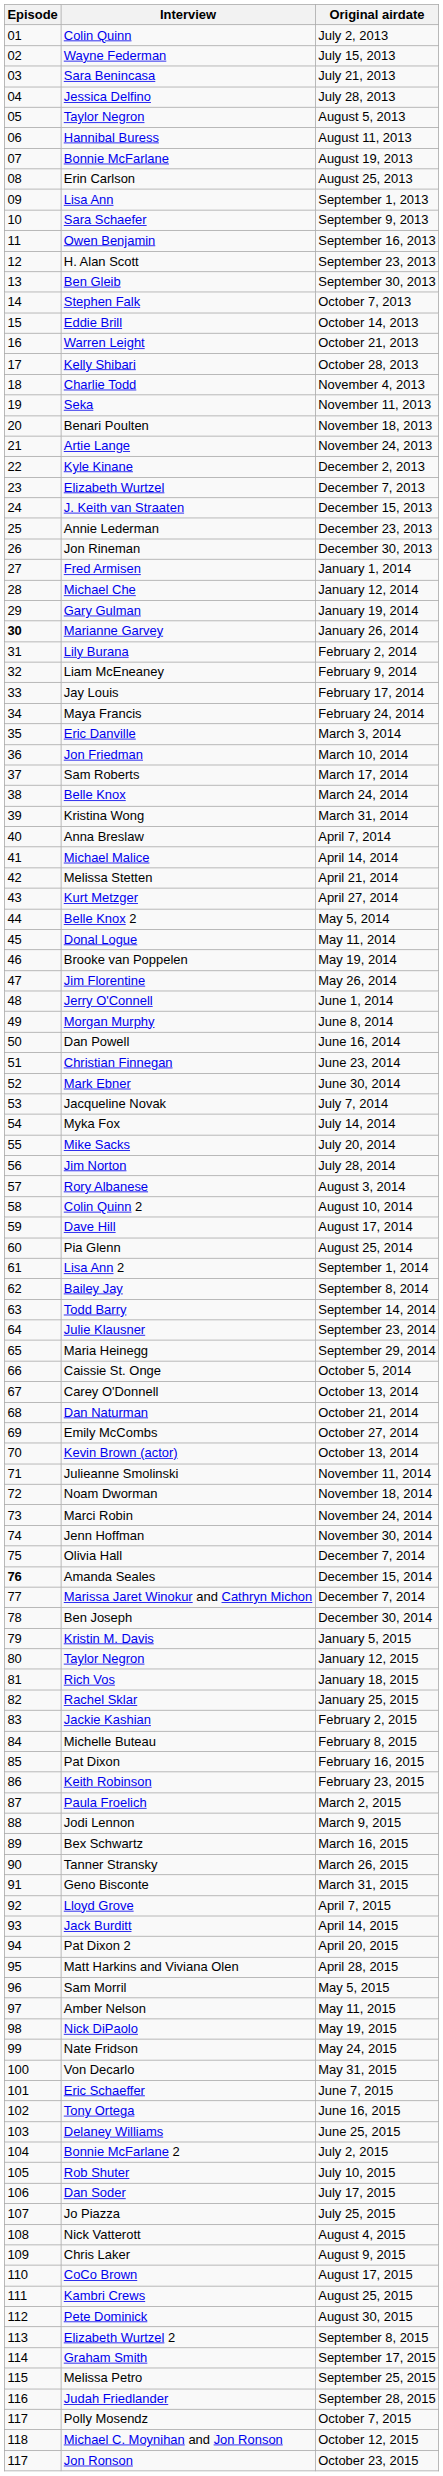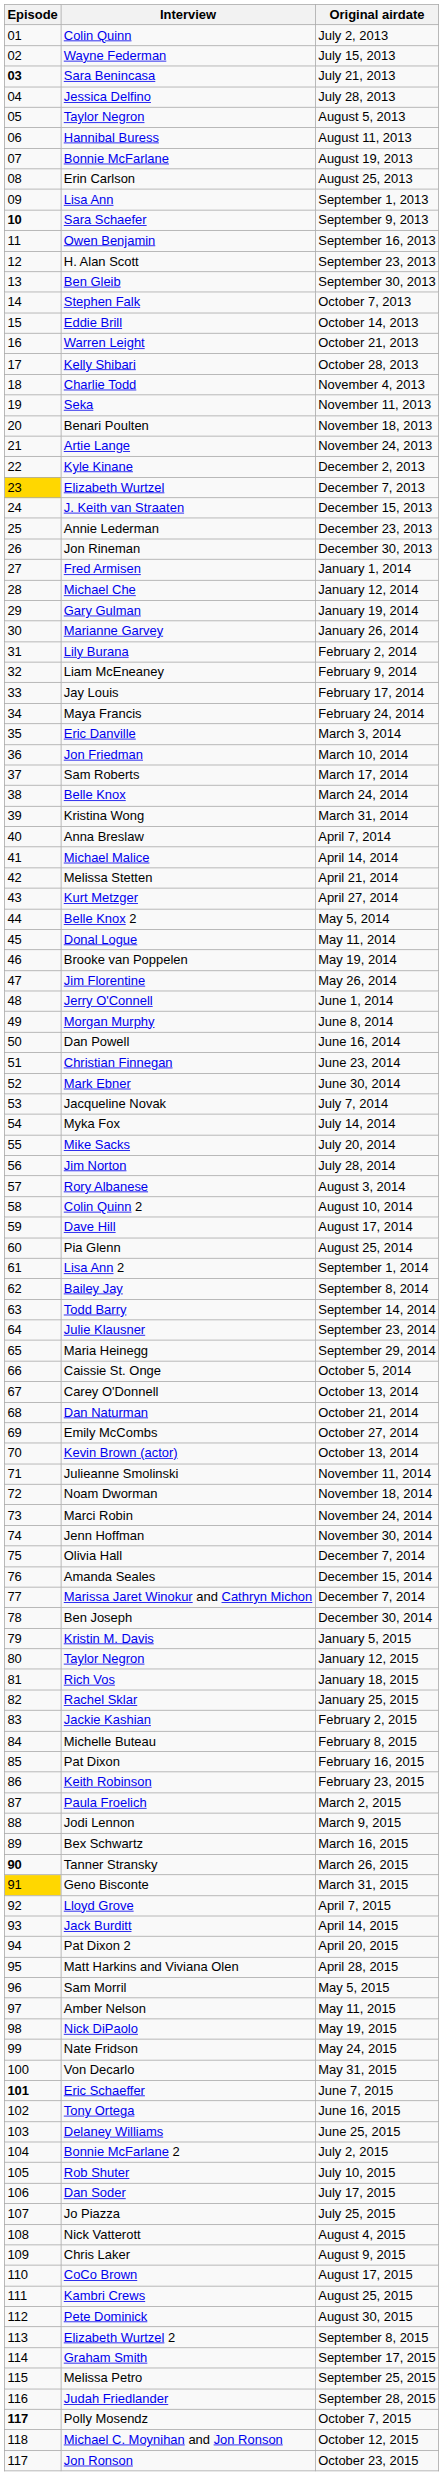 <table class="wikitable">
 <tr>
 <th>Episode</th>
 <th>Interview</th>
 <th>Original airdate</th>
 </tr>
 <tr>
 <td>01</td>
 <td><a href='#'>Colin Quinn</a></td>
 <td>July 2, 2013</td>
 </tr>
 <tr>
 <td>02</td>
 <td><a href='#'>Wayne Federman</a></td>
 <td>July 15, 2013</td>
 </tr>
 <tr>
-<td>03</td>
+<td><strong>03</strong></td>
 <td><a href='#'>Sara Benincasa</a></td>
 <td>July 21, 2013</td>
 </tr>
 <tr>
 <td>04</td>
 <td><a href='#'>Jessica Delfino</a></td>
 <td>July 28, 2013</td>
 </tr>
 <tr>
 <td>05</td>
 <td><a href='#'>Taylor Negron</a></td>
 <td>August 5, 2013</td>
 </tr>
 <tr>
 <td>06</td>
 <td><a href='#'>Hannibal Buress</a></td>
 <td>August 11, 2013</td>
 </tr>
 <tr>
 <td>07</td>
 <td><a href='#'>Bonnie McFarlane</a></td>
 <td>August 19, 2013</td>
 </tr>
 <tr>
 <td>08</td>
 <td>Erin Carlson</td>
 <td>August 25, 2013</td>
 </tr>
 <tr>
 <td>09</td>
 <td><a href='#'>Lisa Ann</a></td>
 <td>September 1, 2013</td>
 </tr>
 <tr>
-<td>10</td>
+<td><strong>10</strong></td>
 <td><a href='#'>Sara Schaefer</a></td>
 <td>September 9, 2013</td>
 </tr>
 <tr>
 <td>11</td>
 <td><a href='#'>Owen Benjamin</a></td>
 <td>September 16, 2013</td>
 </tr>
 <tr>
 <td>12</td>
 <td>H. Alan Scott</td>
 <td>September 23, 2013</td>
 </tr>
 <tr>
 <td>13</td>
 <td><a href='#'>Ben Gleib</a></td>
 <td>September 30, 2013</td>
 </tr>
 <tr>
 <td>14</td>
 <td><a href='#'>Stephen Falk</a></td>
 <td>October 7, 2013</td>
 </tr>
 <tr>
 <td>15</td>
 <td><a href='#'>Eddie Brill</a></td>
 <td>October 14, 2013</td>
 </tr>
 <tr>
 <td>16</td>
 <td><a href='#'>Warren Leight</a></td>
 <td>October 21, 2013</td>
 </tr>
 <tr>
 <td>17</td>
 <td><a href='#'>Kelly Shibari</a></td>
 <td>October 28, 2013</td>
 </tr>
 <tr>
 <td>18</td>
 <td><a href='#'>Charlie Todd</a></td>
 <td>November 4, 2013</td>
 </tr>
 <tr>
 <td>19</td>
 <td><a href='#'>Seka</a></td>
 <td>November 11, 2013</td>
 </tr>
 <tr>
 <td>20</td>
 <td>Benari Poulten</td>
 <td>November 18, 2013</td>
 </tr>
 <tr>
 <td>21</td>
 <td><a href='#'>Artie Lange</a></td>
 <td>November 24, 2013</td>
 </tr>
 <tr>
 <td>22</td>
 <td><a href='#'>Kyle Kinane</a></td>
 <td>December 2, 2013</td>
 </tr>
 <tr>
-<td>23</td>
+<td style="background: gold;">23</td>
 <td><a href='#'>Elizabeth Wurtzel</a></td>
 <td>December 7, 2013</td>
 </tr>
 <tr>
 <td>24</td>
 <td><a href='#'>J. Keith van Straaten</a></td>
 <td>December 15, 2013</td>
 </tr>
 <tr>
 <td>25</td>
 <td>Annie Lederman</td>
 <td>December 23, 2013</td>
 </tr>
 <tr>
 <td>26</td>
 <td>Jon Rineman</td>
 <td>December 30, 2013</td>
 </tr>
 <tr>
 <td>27</td>
 <td><a href='#'>Fred Armisen</a></td>
 <td>January 1, 2014</td>
 </tr>
 <tr>
 <td>28</td>
 <td><a href='#'>Michael Che</a></td>
 <td>January 12, 2014</td>
 </tr>
 <tr>
 <td>29</td>
 <td><a href='#'>Gary Gulman</a></td>
 <td>January 19, 2014</td>
 </tr>
 <tr>
-<td><strong>30</strong></td>
+<td>30</td>
 <td><a href='#'>Marianne Garvey</a></td>
 <td>January 26, 2014</td>
 </tr>
 <tr>
 <td>31</td>
 <td><a href='#'>Lily Burana</a></td>
 <td>February 2, 2014</td>
 </tr>
 <tr>
 <td>32</td>
 <td>Liam McEneaney</td>
 <td>February 9, 2014</td>
 </tr>
 <tr>
 <td>33</td>
 <td>Jay Louis</td>
 <td>February 17, 2014</td>
 </tr>
 <tr>
 <td>34</td>
 <td>Maya Francis</td>
 <td>February 24, 2014</td>
 </tr>
 <tr>
 <td>35</td>
 <td><a href='#'>Eric Danville</a></td>
 <td>March 3, 2014</td>
 </tr>
 <tr>
 <td>36</td>
 <td><a href='#'>Jon Friedman</a></td>
 <td>March 10, 2014</td>
 </tr>
 <tr>
 <td>37</td>
 <td>Sam Roberts</td>
 <td>March 17, 2014</td>
 </tr>
 <tr>
 <td>38</td>
 <td><a href='#'>Belle Knox</a></td>
 <td>March 24, 2014</td>
 </tr>
 <tr>
 <td>39</td>
 <td>Kristina Wong</td>
 <td>March 31, 2014</td>
 </tr>
 <tr>
 <td>40</td>
 <td>Anna Breslaw</td>
 <td>April 7, 2014</td>
 </tr>
 <tr>
 <td>41</td>
 <td><a href='#'>Michael Malice</a></td>
 <td>April 14, 2014</td>
 </tr>
 <tr>
 <td>42</td>
 <td>Melissa Stetten</td>
 <td>April 21, 2014</td>
 </tr>
 <tr>
 <td>43</td>
 <td><a href='#'>Kurt Metzger</a></td>
 <td>April 27, 2014</td>
 </tr>
 <tr>
 <td>44</td>
 <td><a href='#'>Belle Knox</a> 2</td>
 <td>May 5, 2014</td>
 </tr>
 <tr>
 <td>45</td>
 <td><a href='#'>Donal Logue</a></td>
 <td>May 11, 2014</td>
 </tr>
 <tr>
 <td>46</td>
 <td>Brooke van Poppelen</td>
 <td>May 19, 2014</td>
 </tr>
 <tr>
 <td>47</td>
 <td><a href='#'>Jim Florentine</a></td>
 <td>May 26, 2014</td>
 </tr>
 <tr>
 <td>48</td>
 <td><a href='#'>Jerry O'Connell</a></td>
 <td>June 1, 2014</td>
 </tr>
 <tr>
 <td>49</td>
 <td><a href='#'>Morgan Murphy</a></td>
 <td>June 8, 2014</td>
 </tr>
 <tr>
 <td>50</td>
 <td>Dan Powell</td>
 <td>June 16, 2014</td>
 </tr>
 <tr>
 <td>51</td>
 <td><a href='#'>Christian Finnegan</a></td>
 <td>June 23, 2014</td>
 </tr>
 <tr>
 <td>52</td>
 <td><a href='#'>Mark Ebner</a></td>
 <td>June 30, 2014</td>
 </tr>
 <tr>
 <td>53</td>
 <td>Jacqueline Novak</td>
 <td>July 7, 2014</td>
 </tr>
 <tr>
 <td>54</td>
 <td>Myka Fox</td>
 <td>July 14, 2014</td>
 </tr>
 <tr>
 <td>55</td>
 <td><a href='#'>Mike Sacks</a></td>
 <td>July 20, 2014</td>
 </tr>
 <tr>
 <td>56</td>
 <td><a href='#'>Jim Norton</a></td>
 <td>July 28, 2014</td>
 </tr>
 <tr>
 <td>57</td>
 <td><a href='#'>Rory Albanese</a></td>
 <td>August 3, 2014</td>
 </tr>
 <tr>
 <td>58</td>
 <td><a href='#'>Colin Quinn</a> 2</td>
 <td>August 10, 2014</td>
 </tr>
 <tr>
 <td>59</td>
 <td><a href='#'>Dave Hill</a></td>
 <td>August 17, 2014</td>
 </tr>
 <tr>
 <td>60</td>
 <td>Pia Glenn</td>
 <td>August 25, 2014</td>
 </tr>
 <tr>
 <td>61</td>
 <td><a href='#'>Lisa Ann</a> 2</td>
 <td>September 1, 2014</td>
 </tr>
 <tr>
 <td>62</td>
 <td><a href='#'>Bailey Jay</a></td>
 <td>September 8, 2014</td>
 </tr>
 <tr>
 <td>63</td>
 <td><a href='#'>Todd Barry</a></td>
 <td>September 14, 2014</td>
 </tr>
 <tr>
 <td>64</td>
 <td><a href='#'>Julie Klausner</a></td>
 <td>September 23, 2014</td>
 </tr>
 <tr>
 <td>65</td>
 <td>Maria Heinegg</td>
 <td>September 29, 2014</td>
 </tr>
 <tr>
 <td>66</td>
 <td>Caissie St. Onge</td>
 <td>October 5, 2014</td>
 </tr>
 <tr>
 <td>67</td>
 <td>Carey O'Donnell</td>
 <td>October 13, 2014</td>
 </tr>
 <tr>
 <td>68</td>
 <td><a href='#'>Dan Naturman</a></td>
 <td>October 21, 2014</td>
 </tr>
 <tr>
 <td>69</td>
 <td>Emily McCombs</td>
 <td>October 27, 2014</td>
 </tr>
 <tr>
 <td>70</td>
 <td><a href='#'>Kevin Brown (actor)</a></td>
 <td>October 13, 2014</td>
 </tr>
 <tr>
 <td>71</td>
 <td>Julieanne Smolinski</td>
 <td>November 11, 2014</td>
 </tr>
 <tr>
 <td>72</td>
 <td>Noam Dworman</td>
 <td>November 18, 2014</td>
 </tr>
 <tr>
 <td>73</td>
 <td>Marci Robin</td>
 <td>November 24, 2014</td>
 </tr>
 <tr>
 <td>74</td>
 <td>Jenn Hoffman</td>
 <td>November 30, 2014</td>
 </tr>
 <tr>
 <td>75</td>
 <td>Olivia Hall</td>
 <td>December 7, 2014</td>
 </tr>
 <tr>
-<td><strong>76</strong></td>
+<td>76</td>
 <td>Amanda Seales</td>
 <td>December 15, 2014</td>
 </tr>
 <tr>
 <td>77</td>
 <td><a href='#'>Marissa Jaret Winokur</a> and <a href='#'>Cathryn Michon</a></td>
 <td>December 7, 2014</td>
 </tr>
 <tr>
 <td>78</td>
 <td>Ben Joseph</td>
 <td>December 30, 2014</td>
 </tr>
 <tr>
 <td>79</td>
 <td><a href='#'>Kristin M. Davis</a></td>
 <td>January 5, 2015</td>
 </tr>
 <tr>
 <td>80</td>
 <td><a href='#'>Taylor Negron</a></td>
 <td>January 12, 2015</td>
 </tr>
 <tr>
 <td>81</td>
 <td><a href='#'>Rich Vos</a></td>
 <td>January 18, 2015</td>
 </tr>
 <tr>
 <td>82</td>
 <td><a href='#'>Rachel Sklar</a></td>
 <td>January 25, 2015</td>
 </tr>
 <tr>
 <td>83</td>
 <td><a href='#'>Jackie Kashian</a></td>
 <td>February 2, 2015</td>
 </tr>
 <tr>
 <td>84</td>
 <td>Michelle Buteau</td>
 <td>February 8, 2015</td>
 </tr>
 <tr>
 <td>85</td>
 <td>Pat Dixon</td>
 <td>February 16, 2015</td>
 </tr>
 <tr>
 <td>86</td>
 <td><a href='#'>Keith Robinson</a></td>
 <td>February 23, 2015</td>
 </tr>
 <tr>
 <td>87</td>
 <td><a href='#'>Paula Froelich</a></td>
 <td>March 2, 2015</td>
 </tr>
 <tr>
 <td>88</td>
 <td>Jodi Lennon</td>
 <td>March 9, 2015</td>
 </tr>
 <tr>
 <td>89</td>
 <td>Bex Schwartz</td>
 <td>March 16, 2015</td>
 </tr>
 <tr>
-<td>90</td>
+<td><strong>90</strong></td>
 <td>Tanner Stransky</td>
 <td>March 26, 2015</td>
 </tr>
 <tr>
-<td>91</td>
+<td style="background: gold;">91</td>
 <td>Geno Bisconte</td>
 <td>March 31, 2015</td>
 </tr>
 <tr>
 <td>92</td>
 <td><a href='#'>Lloyd Grove</a></td>
 <td>April 7, 2015</td>
 </tr>
 <tr>
 <td>93</td>
 <td><a href='#'>Jack Burditt</a></td>
 <td>April 14, 2015</td>
 </tr>
 <tr>
 <td>94</td>
 <td>Pat Dixon 2</td>
 <td>April 20, 2015</td>
 </tr>
 <tr>
 <td>95</td>
 <td>Matt Harkins and Viviana Olen</td>
 <td>April 28, 2015</td>
 </tr>
 <tr>
 <td>96</td>
 <td>Sam Morril</td>
 <td>May 5, 2015</td>
 </tr>
 <tr>
 <td>97</td>
 <td>Amber Nelson</td>
 <td>May 11, 2015</td>
 </tr>
 <tr>
 <td>98</td>
 <td><a href='#'>Nick DiPaolo</a></td>
 <td>May 19, 2015</td>
 </tr>
 <tr>
 <td>99</td>
 <td>Nate Fridson</td>
 <td>May 24, 2015</td>
 </tr>
 <tr>
 <td>100</td>
 <td>Von Decarlo</td>
 <td>May 31, 2015</td>
 </tr>
 <tr>
-<td>101</td>
+<td><strong>101</strong></td>
 <td><a href='#'>Eric Schaeffer</a></td>
 <td>June 7, 2015</td>
 </tr>
 <tr>
 <td>102</td>
 <td><a href='#'>Tony Ortega</a></td>
 <td>June 16, 2015</td>
 </tr>
 <tr>
 <td>103</td>
 <td><a href='#'>Delaney Williams</a></td>
 <td>June 25, 2015</td>
 </tr>
 <tr>
 <td>104</td>
 <td><a href='#'>Bonnie McFarlane</a> 2</td>
 <td>July 2, 2015</td>
 </tr>
 <tr>
 <td>105</td>
 <td><a href='#'>Rob Shuter</a></td>
 <td>July 10, 2015</td>
 </tr>
 <tr>
 <td>106</td>
 <td><a href='#'>Dan Soder</a></td>
 <td>July 17, 2015</td>
 </tr>
 <tr>
 <td>107</td>
 <td>Jo Piazza</td>
 <td>July 25, 2015</td>
 </tr>
 <tr>
 <td>108</td>
 <td>Nick Vatterott</td>
 <td>August 4, 2015</td>
 </tr>
 <tr>
 <td>109</td>
 <td>Chris Laker</td>
 <td>August 9, 2015</td>
 </tr>
 <tr>
 <td>110</td>
 <td><a href='#'>CoCo Brown</a></td>
 <td>August 17, 2015</td>
 </tr>
 <tr>
 <td>111</td>
 <td><a href='#'>Kambri Crews</a></td>
 <td>August 25, 2015</td>
 </tr>
 <tr>
 <td>112</td>
 <td><a href='#'>Pete Dominick</a></td>
 <td>August 30, 2015</td>
 </tr>
 <tr>
 <td>113</td>
 <td><a href='#'>Elizabeth Wurtzel</a> 2</td>
 <td>September 8, 2015</td>
 </tr>
 <tr>
 <td>114</td>
 <td><a href='#'>Graham Smith</a></td>
 <td>September 17, 2015</td>
 </tr>
 <tr>
 <td>115</td>
 <td>Melissa Petro</td>
 <td>September 25, 2015</td>
 </tr>
 <tr>
 <td>116</td>
 <td><a href='#'>Judah Friedlander</a></td>
 <td>September 28, 2015</td>
 </tr>
 <tr>
-<td>117</td>
+<td><strong>117</strong></td>
 <td>Polly Mosendz</td>
 <td>October 7, 2015</td>
 </tr>
 <tr>
 <td>118</td>
 <td><a href='#'>Michael C. Moynihan</a> and <a href='#'>Jon Ronson</a></td>
 <td>October 12, 2015</td>
 </tr>
 <tr>
 <td>117</td>
 <td><a href='#'>Jon Ronson</a></td>
 <td>October 23, 2015</td>
 </tr>
 </table>
